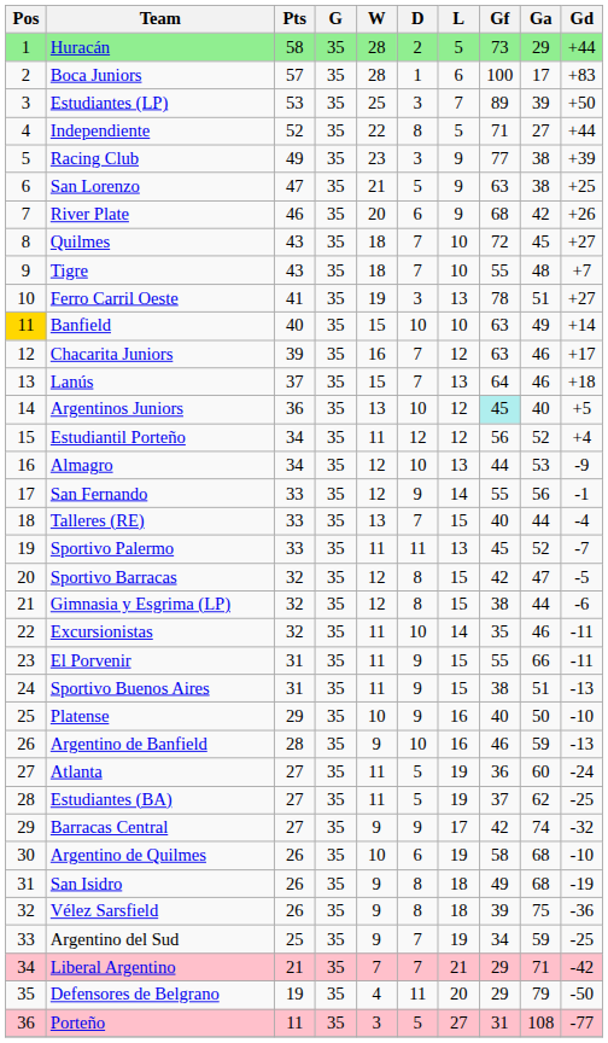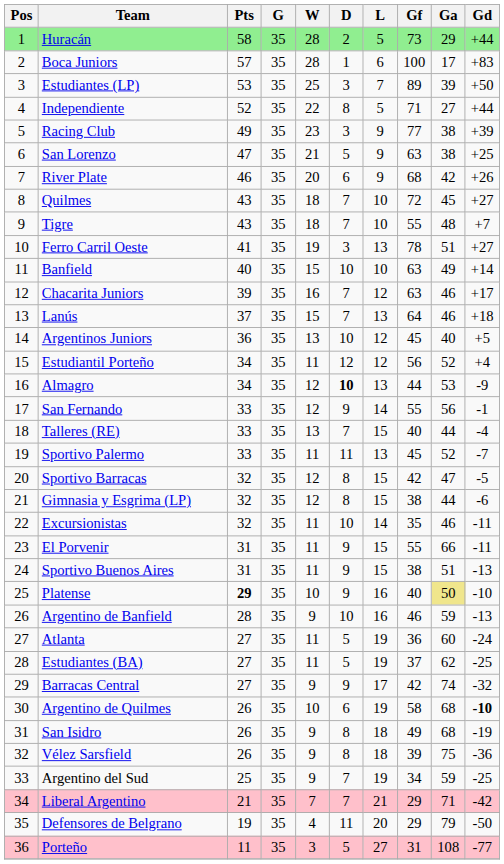 <table class="wikitable" style="text-align:center">
 <tr>
 <th width=30px>Pos</th>
 <th width=200px>Team</th>
 <th width=30px>Pts</th>
 <th width=30px>G</th>
 <th width=30px>W</th>
 <th width=30px>D</th>
 <th width=30px>L</th>
 <th width=30px>Gf</th>
 <th width=30px>Ga</th>
 <th width=30px>Gd</th>
 </tr>
 <tr bgcolor="lightgreen">
 <td>1</td>
 <td align="left"><a href='#'>Huracán</a></td>
 <td>58</td>
 <td>35</td>
 <td>28</td>
 <td>2</td>
 <td>5</td>
 <td>73</td>
 <td>29</td>
 <td>+44</td>
 </tr>
 <tr>
 <td>2</td>
 <td align="left"><a href='#'>Boca Juniors</a></td>
 <td>57</td>
 <td>35</td>
 <td>28</td>
 <td>1</td>
 <td>6</td>
 <td>100</td>
 <td>17</td>
 <td>+83</td>
 </tr>
 <tr>
 <td>3</td>
 <td align="left"><a href='#'>Estudiantes (LP)</a></td>
 <td>53</td>
 <td>35</td>
 <td>25</td>
 <td>3</td>
 <td>7</td>
 <td>89</td>
 <td>39</td>
 <td>+50</td>
 </tr>
 <tr>
 <td>4</td>
 <td align="left"><a href='#'>Independiente</a></td>
 <td>52</td>
 <td>35</td>
 <td>22</td>
 <td>8</td>
 <td>5</td>
 <td>71</td>
 <td>27</td>
 <td>+44</td>
 </tr>
 <tr>
 <td>5</td>
 <td align="left"><a href='#'>Racing Club</a></td>
 <td>49</td>
 <td>35</td>
 <td>23</td>
 <td>3</td>
 <td>9</td>
 <td>77</td>
 <td>38</td>
 <td>+39</td>
 </tr>
 <tr>
 <td>6</td>
 <td align="left"><a href='#'>San Lorenzo</a></td>
 <td>47</td>
 <td>35</td>
 <td>21</td>
 <td>5</td>
 <td>9</td>
 <td>63</td>
 <td>38</td>
 <td>+25</td>
 </tr>
 <tr>
 <td>7</td>
 <td align="left"><a href='#'>River Plate</a></td>
 <td>46</td>
 <td>35</td>
 <td>20</td>
 <td>6</td>
 <td>9</td>
 <td>68</td>
 <td>42</td>
 <td>+26</td>
 </tr>
 <tr>
 <td>8</td>
 <td align="left"><a href='#'>Quilmes</a></td>
 <td>43</td>
 <td>35</td>
 <td>18</td>
 <td>7</td>
 <td>10</td>
 <td>72</td>
 <td>45</td>
 <td>+27</td>
 </tr>
 <tr>
 <td>9</td>
 <td align="left"><a href='#'>Tigre</a></td>
 <td>43</td>
 <td>35</td>
 <td>18</td>
 <td>7</td>
 <td>10</td>
 <td>55</td>
 <td>48</td>
 <td>+7</td>
 </tr>
 <tr>
 <td>10</td>
 <td align="left"><a href='#'>Ferro Carril Oeste</a></td>
 <td>41</td>
 <td>35</td>
 <td>19</td>
 <td>3</td>
 <td>13</td>
 <td>78</td>
 <td>51</td>
 <td>+27</td>
 </tr>
 <tr>
-<td style="background: gold;">11</td>
+<td>11</td>
 <td align="left"><a href='#'>Banfield</a></td>
 <td>40</td>
 <td>35</td>
 <td>15</td>
 <td>10</td>
 <td>10</td>
 <td>63</td>
 <td>49</td>
 <td>+14</td>
 </tr>
 <tr>
 <td>12</td>
 <td align="left"><a href='#'>Chacarita Juniors</a></td>
 <td>39</td>
 <td>35</td>
 <td>16</td>
 <td>7</td>
 <td>12</td>
 <td>63</td>
 <td>46</td>
 <td>+17</td>
 </tr>
 <tr>
 <td>13</td>
 <td align="left"><a href='#'>Lanús</a></td>
 <td>37</td>
 <td>35</td>
 <td>15</td>
 <td>7</td>
 <td>13</td>
 <td>64</td>
 <td>46</td>
 <td>+18</td>
 </tr>
 <tr>
 <td>14</td>
 <td align="left"><a href='#'>Argentinos Juniors</a></td>
 <td>36</td>
 <td>35</td>
 <td>13</td>
 <td>10</td>
 <td>12</td>
-<td style="background: paleturquoise;">45</td>
+<td>45</td>
 <td>40</td>
 <td>+5</td>
 </tr>
 <tr>
 <td>15</td>
 <td align="left"><a href='#'>Estudiantil Porteño</a></td>
 <td>34</td>
 <td>35</td>
 <td>11</td>
 <td>12</td>
 <td>12</td>
 <td>56</td>
 <td>52</td>
 <td>+4</td>
 </tr>
 <tr>
 <td>16</td>
 <td align="left"><a href='#'>Almagro</a></td>
 <td>34</td>
 <td>35</td>
 <td>12</td>
-<td>10</td>
+<td><strong>10</strong></td>
 <td>13</td>
 <td>44</td>
 <td>53</td>
 <td>-9</td>
 </tr>
 <tr>
 <td>17</td>
 <td align="left"><a href='#'>San Fernando</a></td>
 <td>33</td>
 <td>35</td>
 <td>12</td>
 <td>9</td>
 <td>14</td>
 <td>55</td>
 <td>56</td>
 <td>-1</td>
 </tr>
 <tr>
 <td>18</td>
 <td align="left"><a href='#'>Talleres (RE)</a></td>
 <td>33</td>
 <td>35</td>
 <td>13</td>
 <td>7</td>
 <td>15</td>
 <td>40</td>
 <td>44</td>
 <td>-4</td>
 </tr>
 <tr>
 <td>19</td>
 <td align="left"><a href='#'>Sportivo Palermo</a></td>
 <td>33</td>
 <td>35</td>
 <td>11</td>
 <td>11</td>
 <td>13</td>
 <td>45</td>
 <td>52</td>
 <td>-7</td>
 </tr>
 <tr>
 <td>20</td>
 <td align="left"><a href='#'>Sportivo Barracas</a></td>
 <td>32</td>
 <td>35</td>
 <td>12</td>
 <td>8</td>
 <td>15</td>
 <td>42</td>
 <td>47</td>
 <td>-5</td>
 </tr>
 <tr>
 <td>21</td>
 <td align="left"><a href='#'>Gimnasia y Esgrima (LP)</a></td>
 <td>32</td>
 <td>35</td>
 <td>12</td>
 <td>8</td>
 <td>15</td>
 <td>38</td>
 <td>44</td>
 <td>-6</td>
 </tr>
 <tr>
 <td>22</td>
 <td align="left"><a href='#'>Excursionistas</a></td>
 <td>32</td>
 <td>35</td>
 <td>11</td>
 <td>10</td>
 <td>14</td>
 <td>35</td>
 <td>46</td>
 <td>-11</td>
 </tr>
 <tr>
 <td>23</td>
 <td align="left"><a href='#'>El Porvenir</a></td>
 <td>31</td>
 <td>35</td>
 <td>11</td>
 <td>9</td>
 <td>15</td>
 <td>55</td>
 <td>66</td>
 <td>-11</td>
 </tr>
 <tr>
 <td>24</td>
 <td align="left"><a href='#'>Sportivo Buenos Aires</a></td>
 <td>31</td>
 <td>35</td>
 <td>11</td>
 <td>9</td>
 <td>15</td>
 <td>38</td>
 <td>51</td>
 <td>-13</td>
 </tr>
 <tr>
 <td>25</td>
 <td align="left"><a href='#'>Platense</a></td>
-<td>29</td>
+<td><strong>29</strong></td>
 <td>35</td>
 <td>10</td>
 <td>9</td>
 <td>16</td>
 <td>40</td>
-<td>50</td>
+<td style="background: khaki;">50</td>
 <td>-10</td>
 </tr>
 <tr>
 <td>26</td>
 <td align="left"><a href='#'>Argentino de Banfield</a></td>
 <td>28</td>
 <td>35</td>
 <td>9</td>
 <td>10</td>
 <td>16</td>
 <td>46</td>
 <td>59</td>
 <td>-13</td>
 </tr>
 <tr>
 <td>27</td>
 <td align="left"><a href='#'>Atlanta</a></td>
 <td>27</td>
 <td>35</td>
 <td>11</td>
 <td>5</td>
 <td>19</td>
 <td>36</td>
 <td>60</td>
 <td>-24</td>
 </tr>
 <tr>
 <td>28</td>
 <td align="left"><a href='#'>Estudiantes (BA)</a></td>
 <td>27</td>
 <td>35</td>
 <td>11</td>
 <td>5</td>
 <td>19</td>
 <td>37</td>
 <td>62</td>
 <td>-25</td>
 </tr>
 <tr>
 <td>29</td>
 <td align="left"><a href='#'>Barracas Central</a></td>
 <td>27</td>
 <td>35</td>
 <td>9</td>
 <td>9</td>
 <td>17</td>
 <td>42</td>
 <td>74</td>
 <td>-32</td>
 </tr>
 <tr>
 <td>30</td>
 <td align="left"><a href='#'>Argentino de Quilmes</a></td>
 <td>26</td>
 <td>35</td>
 <td>10</td>
 <td>6</td>
 <td>19</td>
 <td>58</td>
 <td>68</td>
-<td>-10</td>
+<td><strong>-10</strong></td>
 </tr>
 <tr>
 <td>31</td>
 <td align="left"><a href='#'>San Isidro</a></td>
 <td>26</td>
 <td>35</td>
 <td>9</td>
 <td>8</td>
 <td>18</td>
 <td>49</td>
 <td>68</td>
 <td>-19</td>
 </tr>
 <tr>
 <td>32</td>
 <td align="left"><a href='#'>Vélez Sarsfield</a></td>
 <td>26</td>
 <td>35</td>
 <td>9</td>
 <td>8</td>
 <td>18</td>
 <td>39</td>
 <td>75</td>
 <td>-36</td>
 </tr>
 <tr>
 <td>33</td>
 <td align="left">Argentino del Sud </td>
 <td>25</td>
 <td>35</td>
 <td>9</td>
 <td>7</td>
 <td>19</td>
 <td>34</td>
 <td>59</td>
 <td>-25</td>
 </tr>
 <tr bgcolor="pink">
 <td>34</td>
 <td align="left"><a href='#'>Liberal Argentino</a></td>
 <td>21</td>
 <td>35</td>
 <td>7</td>
 <td>7</td>
 <td>21</td>
 <td>29</td>
 <td>71</td>
 <td>-42</td>
 </tr>
 <tr>
 <td>35</td>
 <td align="left"><a href='#'>Defensores de Belgrano</a></td>
 <td>19</td>
 <td>35</td>
 <td>4</td>
 <td>11</td>
 <td>20</td>
 <td>29</td>
 <td>79</td>
 <td>-50</td>
 </tr>
 <tr bgcolor="pink">
 <td>36</td>
 <td align="left"><a href='#'>Porteño</a></td>
 <td>11</td>
 <td>35</td>
 <td>3</td>
 <td>5</td>
 <td>27</td>
 <td>31</td>
 <td>108</td>
 <td>-77</td>
 </tr>
 <tr>
 </tr>
 </table>
